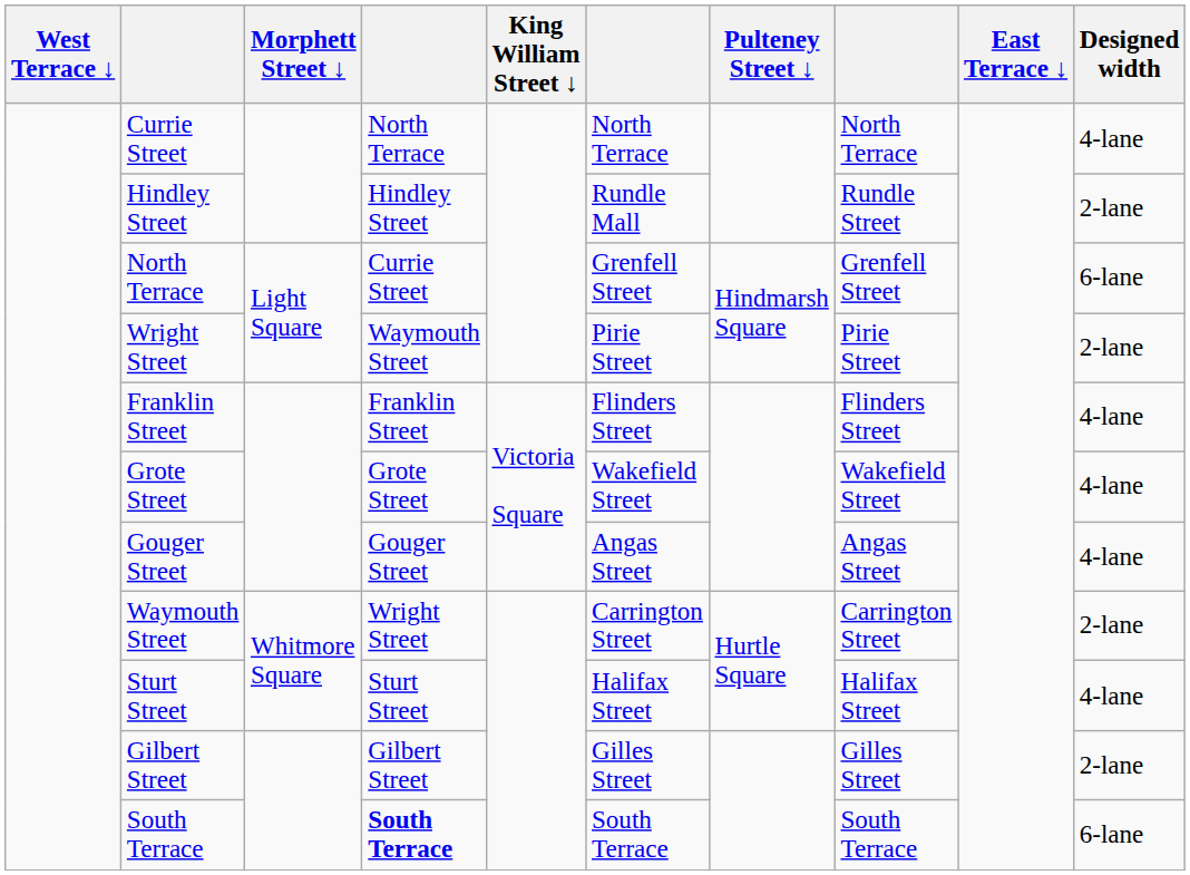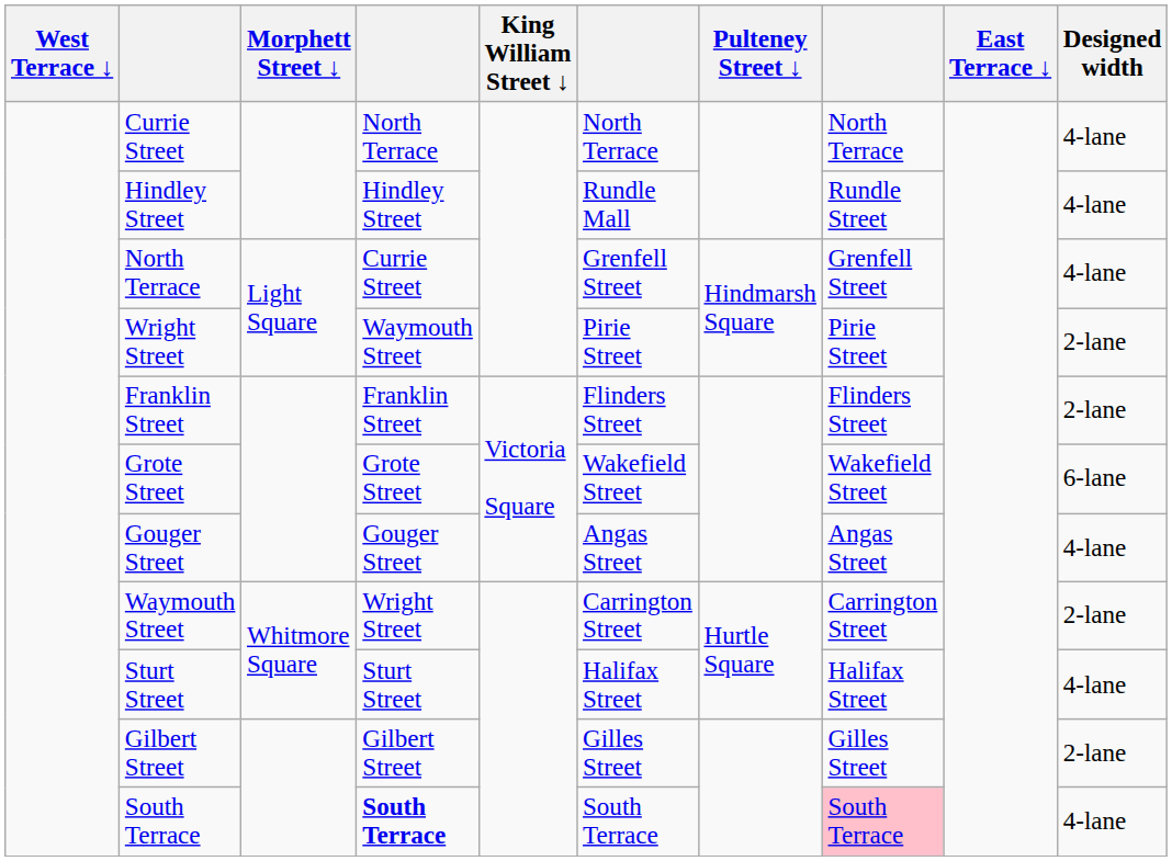 <table class=wikitable>
 <tr>
 <th><a href='#'>West<br>Terrace ↓</a></th>
 <th></th>
 <th><a href='#'>Morphett<br>Street ↓</a></th>
 <th></th>
 <th>King<br>William<br>Street ↓</th>
 <th></th>
 <th><a href='#'>Pulteney<br>Street ↓</a></th>
 <th></th>
 <th><a href='#'>East<br>Terrace ↓</a></th>
 <th>Designed<br>width</th>
 </tr>
 <tr>
 <td rowspan=11 ></td>
 <td>     <a href='#'>Currie<br>Street</a></td>
 <td rowspan=2  ></td>
 <td><a href='#'>North<br>Terrace</a></td>
 <td rowspan=4  ></td>
 <td><a href='#'>North<br>Terrace</a></td>
 <td rowspan=2  ></td>
 <td><a href='#'>North<br>Terrace</a></td>
 <td rowspan=11 ></td>
 <td>4-lane</td>
 </tr>
 <tr>
 <td>     <a href='#'>Hindley<br>Street</a></td>
 <td>     <a href='#'>Hindley<br>Street</a></td>
 <td>     <a href='#'>Rundle<br>Mall</a></td>
 <td>     <a href='#'>Rundle<br>Street</a></td>
-<td>     2-lane</td>
+<td>     4-lane</td>
 </tr>
 <tr>
 <td><a href='#'>North<br>Terrace</a></td>
 <td rowspan=2>     <a href='#'>Light<br>Square</a></td>
 <td><a href='#'>Currie<br>Street</a></td>
 <td>     <a href='#'>Grenfell<br>Street</a></td>
 <td rowspan=2>     <a href='#'>Hindmarsh<br>Square</a></td>
 <td><a href='#'>Grenfell<br>Street</a></td>
-<td>     6-lane</td>
+<td>     4-lane</td>
 </tr>
 <tr>
 <td>     <a href='#'>Wright<br>Street</a></td>
 <td><a href='#'>Waymouth<br>Street</a></td>
 <td>     <a href='#'>Pirie<br>Street</a><br></td>
 <td><a href='#'>Pirie<br>Street</a></td>
 <td>     2-lane</td>
 </tr>
 <tr>
 <td>     <a href='#'>Franklin<br>Street</a></td>
 <td rowspan=3  ></td>
 <td><a href='#'>Franklin<br>Street</a></td>
 <td rowspan=3  ><a href='#'>Victoria<br><br>Square</a></td>
 <td><a href='#'>Flinders<br>Street</a></td>
 <td rowspan=3  ></td>
 <td><a href='#'>Flinders<br>Street</a></td>
-<td>     4-lane</td>
+<td>     2-lane</td>
 </tr>
 <tr>
 <td>     <a href='#'>Grote<br>Street</a></td>
 <td>     <a href='#'>Grote<br>Street</a><br></td>
 <td><a href='#'>Wakefield<br>Street</a></td>
 <td>     <a href='#'>Wakefield<br>Street</a></td>
-<td>     4-lane</td>
+<td>     6-lane</td>
 </tr>
 <tr>
 <td>     <a href='#'>Gouger<br>Street</a></td>
 <td>     <a href='#'>Gouger<br>Street</a><br></td>
 <td><a href='#'>Angas<br>Street</a></td>
 <td>     <a href='#'>Angas<br>Street</a></td>
 <td>     4-lane</td>
 </tr>
 <tr>
 <td>     <a href='#'>Waymouth<br>Street</a><br></td>
 <td rowspan=2><a href='#'>Whitmore<br>Square</a></td>
 <td><a href='#'>Wright<br>Street</a></td>
 <td rowspan=4  ></td>
 <td><a href='#'>Carrington<br>Street</a></td>
 <td rowspan=2><a href='#'>Hurtle<br>Square</a></td>
 <td><a href='#'>Carrington<br>Street</a></td>
 <td>     2-lane</td>
 </tr>
 <tr>
 <td>     <a href='#'>Sturt<br>Street</a><br></td>
 <td><a href='#'>Sturt<br>Street</a></td>
 <td>     <a href='#'>Halifax<br>Street</a><br></td>
 <td><a href='#'>Halifax<br>Street</a></td>
 <td>     4-lane</td>
 </tr>
 <tr>
 <td>     <a href='#'>Gilbert<br>Street</a></td>
 <td rowspan=2  ></td>
 <td><a href='#'>Gilbert<br>Street</a></td>
 <td>     <a href='#'>Gilles<br>Street</a></td>
 <td rowspan=2  ></td>
 <td><a href='#'>Gilles<br>Street</a></td>
 <td>     2-lane</td>
 </tr>
 <tr>
 <td>     <a href='#'>South<br>Terrace</a></td>
 <td><strong>     <a href='#'>South<br>Terrace</a></strong></td>
 <td>     <a href='#'>South<br>Terrace</a></td>
-<td>     <a href='#'>South<br>Terrace</a></td>
-<td>     6-lane</td>
+<td style="background: pink;">     <a href='#'>South<br>Terrace</a></td>
+<td>     4-lane</td>
 </tr>
 <tr>
 </tr>
 </table>
